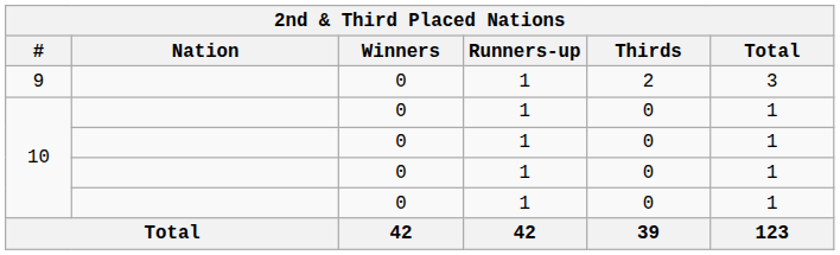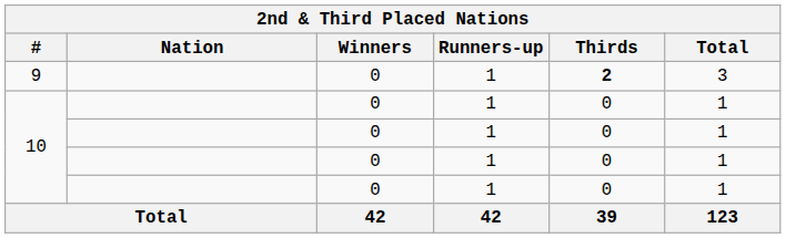 <table class="wikitable collapsible ">
 <tr>
 <th colspan=6>2nd & Third Placed Nations</th>
 </tr>
 <tr>
 <th width=40>#</th>
 <th width=180>Nation</th>
 <th width=80>Winners</th>
 <th width=80>Runners-up</th>
 <th width=80>Thirds</th>
 <th width=80>Total</th>
 </tr>
 <tr>
 <td align=center>9</td>
 <td></td>
 <td align=center>0</td>
 <td align=center>1</td>
-<td align=center>2</td>
+<td align=center><strong>2</strong></td>
 <td align=center>3</td>
 </tr>
 <tr>
 <td align=center rowspan=4>10</td>
 <td></td>
 <td align=center>0</td>
 <td align=center>1</td>
 <td align=center>0</td>
 <td align=center>1</td>
 </tr>
 <tr>
 <td></td>
 <td align=center>0</td>
 <td align=center>1</td>
 <td align=center>0</td>
 <td align=center>1</td>
 </tr>
 <tr>
 <td></td>
 <td align=center>0</td>
 <td align=center>1</td>
 <td align=center>0</td>
 <td align=center>1</td>
 </tr>
 <tr>
 <td></td>
 <td align=center>0</td>
 <td align=center>1</td>
 <td align=center>0</td>
 <td align=center>1</td>
 </tr>
 <tr>
 <th colspan=2>Total</th>
 <th>42</th>
 <th>42</th>
 <th>39</th>
 <th>123</th>
 </tr>
 </table>
